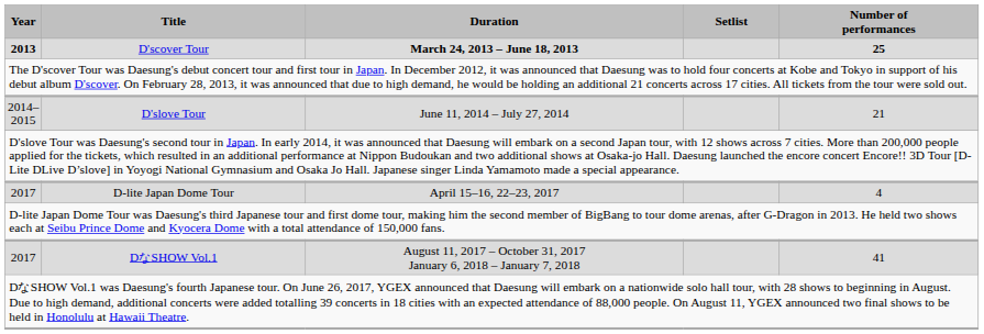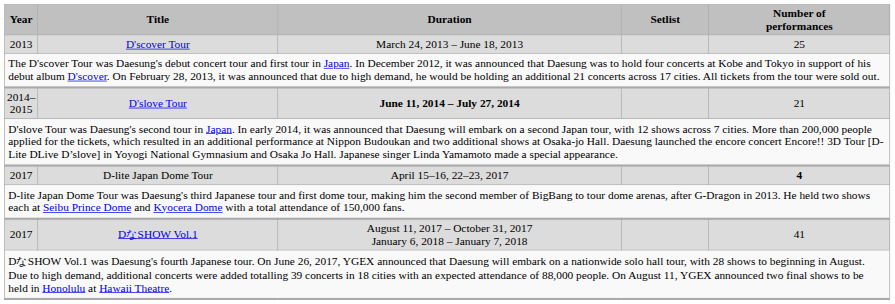 <table class="wikitable" style="text-align:center">
 <tr>
 <th style="background:silver;">Year</th>
 <th style="background:silver;">Title</th>
 <th style="background:silver;">Duration</th>
 <th style="background:silver;">Setlist</th>
 <th style="background:silver;">Number of<br>performances</th>
 </tr>
 <tr>
-<td style="background-color: #DCDCDC" width=5><strong>2013</strong></td>
+<td style="background-color: #DCDCDC" width=5>2013</td>
 <td style="background-color: #DCDCDC"><a href='#'>D'scover Tour</a></td>
-<td style="background-color: #DCDCDC"><strong>March 24, 2013 – June 18, 2013 </strong></td>
+<td style="background-color: #DCDCDC">March 24, 2013 – June 18, 2013 </td>
 <td style="background-color: #DCDCDC"></td>
-<td style="background-color:#DCDCDC"><strong>25</strong></td>
+<td style="background-color:#DCDCDC">25</td>
 </tr>
 <tr>
 <td colspan=5 style="border-bottom-width:3px; padding:5px;text-align:left;">The D'scover Tour was Daesung's debut concert tour and first tour in <a href='#'>Japan</a>. In December 2012, it was announced that Daesung was to hold four concerts at Kobe and Tokyo in support of his debut album <a href='#'>D'scover</a>. On February 28, 2013, it was announced that due to high demand, he would be holding an additional 21 concerts across 17 cities.  All tickets from the tour were sold out.</td>
 </tr>
 <tr>
 <td style="background-color: #DCDCDC" width=5>2014–2015</td>
 <td style="background-color: #DCDCDC"><a href='#'>D'slove Tour</a></td>
-<td style="background-color: #DCDCDC">June 11, 2014 – July 27, 2014 </td>
+<td style="background-color: #DCDCDC"><strong>June 11, 2014 – July 27, 2014 </strong></td>
 <td style="background-color: #DCDCDC"></td>
 <td style="background-color:#DCDCDC">21</td>
 </tr>
 <tr>
 <td colspan=5 style="border-bottom-width:3px; padding:5px;text-align:left;">D'slove Tour was Daesung's second tour in <a href='#'>Japan</a>. In early 2014, it was announced that Daesung will embark on a second Japan tour, with 12 shows across 7 cities. More than 200,000 people applied for the tickets, which resulted in an additional performance at Nippon Budoukan and two additional shows at Osaka-jo Hall. Daesung launched the encore concert Encore!! 3D Tour [D-Lite DLive D’slove] in Yoyogi National Gymnasium and Osaka Jo Hall. Japanese singer Linda Yamamoto made a special appearance.</td>
 </tr>
 <tr>
 <td style="background-color: #DCDCDC" width=5>2017</td>
 <td style="background-color: #DCDCDC">D-lite Japan Dome Tour</td>
 <td style="background-color: #DCDCDC">April 15–16, 22–23, 2017 </td>
 <td style="background-color: #DCDCDC"></td>
-<td style="background-color:#DCDCDC">4</td>
+<td style="background-color:#DCDCDC"><strong>4</strong></td>
 </tr>
 <tr>
 <td colspan=5 style="border-bottom-width:3px; padding:5px;text-align:left;">D-lite Japan Dome Tour was Daesung's third Japanese tour and first dome tour, making him the second member of BigBang to tour dome arenas, after G-Dragon in 2013. He held two shows each at <a href='#'>Seibu Prince Dome</a> and <a href='#'>Kyocera Dome</a> with a total attendance of 150,000 fans.</td>
 </tr>
 <tr>
 <td style="background-color: #DCDCDC" width=5>2017</td>
 <td style="background-color: #DCDCDC"><a href='#'>DなSHOW Vol.1</a></td>
 <td style="background-color: #DCDCDC">August 11, 2017 – October 31, 2017 <br>January 6, 2018 – January 7, 2018 </td>
 <td style="background-color: #DCDCDC"></td>
 <td style="background-color:#DCDCDC">41</td>
 </tr>
 <tr>
 <td colspan=5 style="border-bottom-width:3px; padding:5px;text-align:left;">DなSHOW Vol.1 was Daesung's fourth Japanese tour. On June 26, 2017, YGEX announced that Daesung will embark on a nationwide solo hall tour, with 28 shows to beginning in August. Due to high demand, additional concerts were added totalling 39 concerts in 18 cities with an expected attendance of 88,000 people. On August 11, YGEX announced two final shows to be held in <a href='#'>Honolulu</a> at <a href='#'>Hawaii Theatre</a>.</td>
 </tr>
 <tr>
 </tr>
 </table>
